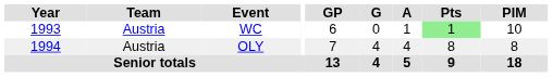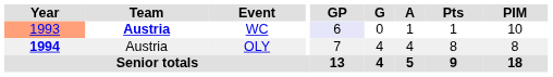 <table border="0" cellpadding="1" cellspacing="0" ID="Table3" style="text-align:center; width:40em">
 <tr bgcolor="#e0e0e0">
 <th>Year</th>
 <th>Team</th>
 <th>Event</th>
 <th rowspan="102" bgcolor="#ffffff"></th>
 <th>GP</th>
 <th>G</th>
 <th>A</th>
 <th>Pts</th>
 <th>PIM</th>
 </tr>
 <tr>
-<td><a href='#'>1993</a></td>
-<td><a href='#'>Austria</a></td>
+<td style="background: lightsalmon;"><a href='#'>1993</a></td>
+<td><strong><a href='#'>Austria</a></strong></td>
 <td><a href='#'>WC</a></td>
-<td>6</td>
+<td style="background: lavender;">6</td>
 <td>0</td>
 <td>1</td>
-<td style="background: lightgreen;">1</td>
+<td>1</td>
 <td>10</td>
 </tr>
 <tr bgcolor="#f0f0f0">
-<td><a href='#'>1994</a></td>
+<td><strong><a href='#'>1994</a></strong></td>
 <td>Austria</td>
 <td><a href='#'>OLY</a></td>
 <td>7</td>
 <td>4</td>
 <td>4</td>
 <td>8</td>
 <td>8</td>
 </tr>
 <tr bgcolor="#e0e0e0">
 <th colspan="4">Senior totals</th>
 <th>13</th>
 <th>4</th>
 <th>5</th>
 <th>9</th>
 <th>18</th>
 </tr>
 </table>
